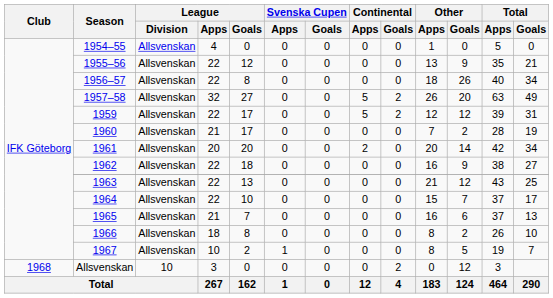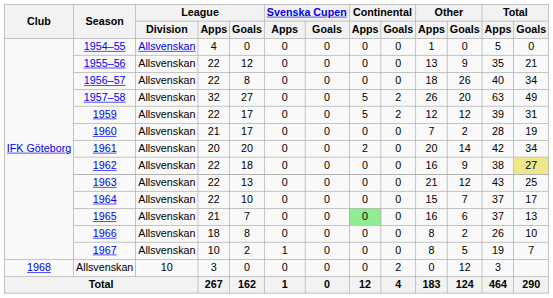 <table class="wikitable" style="text-align:center">
 <tr>
 <th rowspan="2">Club</th>
 <th rowspan="2">Season</th>
 <th colspan="3">League</th>
 <th colspan="2"><a href='#'>Svenska Cupen</a></th>
 <th colspan="2">Continental</th>
 <th colspan="2">Other</th>
 <th colspan="2">Total</th>
 </tr>
 <tr>
 <th>Division</th>
 <th>Apps</th>
 <th>Goals</th>
 <th>Apps</th>
 <th>Goals</th>
 <th>Apps</th>
 <th>Goals</th>
 <th>Apps</th>
 <th>Goals</th>
 <th>Apps</th>
 <th>Goals</th>
 </tr>
 <tr>
 <td rowspan="14"><a href='#'>IFK Göteborg</a></td>
 <td><a href='#'>1954–55</a></td>
 <td><a href='#'>Allsvenskan</a></td>
 <td>4</td>
 <td>0</td>
 <td>0</td>
 <td>0</td>
 <td>0</td>
 <td>0</td>
 <td>1</td>
 <td>0</td>
 <td>5</td>
 <td>0</td>
 </tr>
 <tr>
 <td><a href='#'>1955–56</a></td>
 <td>Allsvenskan</td>
 <td>22</td>
 <td>12</td>
 <td>0</td>
 <td>0</td>
 <td>0</td>
 <td>0</td>
 <td>13</td>
 <td>9</td>
 <td>35</td>
 <td>21</td>
 </tr>
 <tr>
 <td><a href='#'>1956–57</a></td>
 <td>Allsvenskan</td>
 <td>22</td>
 <td>8</td>
 <td>0</td>
 <td>0</td>
 <td>0</td>
 <td>0</td>
 <td>18</td>
 <td>26</td>
 <td>40</td>
 <td>34</td>
 </tr>
 <tr>
 <td><a href='#'>1957–58</a></td>
 <td>Allsvenskan</td>
 <td>32</td>
 <td>27</td>
 <td>0</td>
 <td>0</td>
 <td>5</td>
 <td>2</td>
 <td>26</td>
 <td>20</td>
 <td>63</td>
 <td>49</td>
 </tr>
 <tr>
 <td><a href='#'>1959</a></td>
 <td>Allsvenskan</td>
 <td>22</td>
 <td>17</td>
 <td>0</td>
 <td>0</td>
 <td>5</td>
 <td>2</td>
 <td>12</td>
 <td>12</td>
 <td>39</td>
 <td>31</td>
 </tr>
 <tr>
 <td><a href='#'>1960</a></td>
 <td>Allsvenskan</td>
 <td>21</td>
 <td>17</td>
 <td>0</td>
 <td>0</td>
 <td>0</td>
 <td>0</td>
 <td>7</td>
 <td>2</td>
 <td>28</td>
 <td>19</td>
 </tr>
 <tr>
 <td><a href='#'>1961</a></td>
 <td>Allsvenskan</td>
 <td>20</td>
 <td>20</td>
 <td>0</td>
 <td>0</td>
 <td>2</td>
 <td>0</td>
 <td>20</td>
 <td>14</td>
 <td>42</td>
 <td>34</td>
 </tr>
 <tr>
 <td><a href='#'>1962</a></td>
 <td>Allsvenskan</td>
 <td>22</td>
 <td>18</td>
 <td>0</td>
 <td>0</td>
 <td>0</td>
 <td>0</td>
 <td>16</td>
 <td>9</td>
 <td>38</td>
-<td>27</td>
+<td style="background: khaki;">27</td>
 </tr>
 <tr>
 </tr>
 <tr>
 <td><a href='#'>1963</a></td>
 <td>Allsvenskan</td>
 <td>22</td>
 <td>13</td>
 <td>0</td>
 <td>0</td>
 <td>0</td>
 <td>0</td>
 <td>21</td>
 <td>12</td>
 <td>43</td>
 <td>25</td>
 </tr>
 <tr>
 <td><a href='#'>1964</a></td>
 <td>Allsvenskan</td>
 <td>22</td>
 <td>10</td>
 <td>0</td>
 <td>0</td>
 <td>0</td>
 <td>0</td>
 <td>15</td>
 <td>7</td>
 <td>37</td>
 <td>17</td>
 </tr>
 <tr>
 <td><a href='#'>1965</a></td>
 <td>Allsvenskan</td>
 <td>21</td>
 <td>7</td>
 <td>0</td>
 <td>0</td>
-<td>0</td>
+<td style="background: lightgreen;">0</td>
 <td>0</td>
 <td>16</td>
 <td>6</td>
 <td>37</td>
 <td>13</td>
 </tr>
 <tr>
 <td><a href='#'>1966</a></td>
 <td>Allsvenskan</td>
 <td>18</td>
 <td>8</td>
 <td>0</td>
 <td>0</td>
 <td>0</td>
 <td>0</td>
 <td>8</td>
 <td>2</td>
 <td>26</td>
 <td>10</td>
 </tr>
 <tr>
 <td><a href='#'>1967</a></td>
 <td>Allsvenskan</td>
 <td>10</td>
 <td>2</td>
 <td>1</td>
 <td>0</td>
 <td>0</td>
 <td>0</td>
 <td>8</td>
 <td>5</td>
 <td>19</td>
 <td>7</td>
 </tr>
 <tr>
 <td><a href='#'>1968</a></td>
 <td>Allsvenskan</td>
 <td>10</td>
 <td>3</td>
 <td>0</td>
 <td>0</td>
 <td>0</td>
 <td>0</td>
 <td>2</td>
 <td>0</td>
 <td>12</td>
 <td>3</td>
 </tr>
 <tr>
 <th colspan="3">Total</th>
 <th>267</th>
 <th>162</th>
 <th>1</th>
 <th>0</th>
 <th>12</th>
 <th>4</th>
 <th>183</th>
 <th>124</th>
 <th>464</th>
 <th>290</th>
 </tr>
 </table>
